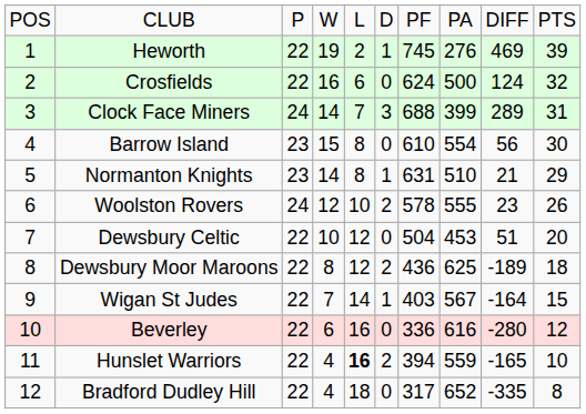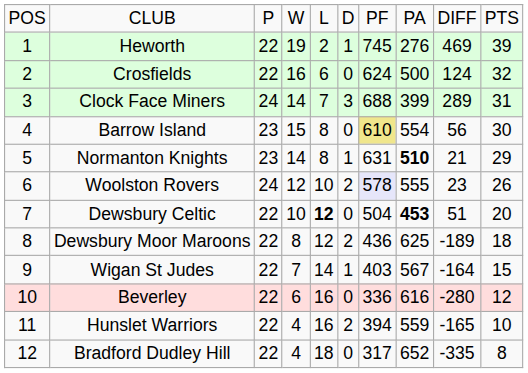 <table class="wikitable" style="text-align: center;">
 <tr>
 <td>POS</td>
 <td>CLUB</td>
 <td>P</td>
 <td>W</td>
 <td>L</td>
 <td>D</td>
 <td>PF</td>
 <td>PA</td>
 <td>DIFF</td>
 <td>PTS</td>
 </tr>
 <tr style="background:#ddffdd;">
 <td>1</td>
 <td>Heworth</td>
 <td>22</td>
 <td>19</td>
 <td>2</td>
 <td>1</td>
 <td>745</td>
 <td>276</td>
 <td>469</td>
 <td>39</td>
 </tr>
 <tr style="background:#ddffdd;">
 <td>2</td>
 <td>Crosfields</td>
 <td>22</td>
 <td>16</td>
 <td>6</td>
 <td>0</td>
 <td>624</td>
 <td>500</td>
 <td>124</td>
 <td>32</td>
 </tr>
 <tr style="background:#ddffdd;">
 <td>3</td>
 <td>Clock Face Miners</td>
 <td>24</td>
 <td>14</td>
 <td>7</td>
 <td>3</td>
 <td>688</td>
 <td>399</td>
 <td>289</td>
 <td>31</td>
 </tr>
 <tr>
 <td>4</td>
 <td>Barrow Island</td>
 <td>23</td>
 <td>15</td>
 <td>8</td>
 <td>0</td>
-<td>610</td>
+<td style="background: khaki;">610</td>
 <td>554</td>
 <td>56</td>
 <td>30</td>
 </tr>
 <tr>
 <td>5</td>
 <td>Normanton Knights</td>
 <td>23</td>
 <td>14</td>
 <td>8</td>
 <td>1</td>
 <td>631</td>
-<td>510</td>
+<td><strong>510</strong></td>
 <td>21</td>
 <td>29</td>
 </tr>
 <tr>
 <td>6</td>
 <td>Woolston Rovers</td>
 <td>24</td>
 <td>12</td>
 <td>10</td>
 <td>2</td>
-<td>578</td>
+<td style="background: lavender;">578</td>
 <td>555</td>
 <td>23</td>
 <td>26</td>
 </tr>
 <tr>
 <td>7</td>
 <td>Dewsbury Celtic</td>
 <td>22</td>
 <td>10</td>
-<td>12</td>
+<td><strong>12</strong></td>
 <td>0</td>
 <td>504</td>
-<td>453</td>
+<td><strong>453</strong></td>
 <td>51</td>
 <td>20</td>
 </tr>
 <tr>
 <td>8</td>
 <td>Dewsbury Moor Maroons</td>
 <td>22</td>
 <td>8</td>
 <td>12</td>
 <td>2</td>
 <td>436</td>
 <td>625</td>
 <td>-189</td>
 <td>18</td>
 </tr>
 <tr>
 <td>9</td>
 <td>Wigan St Judes</td>
 <td>22</td>
 <td>7</td>
 <td>14</td>
 <td>1</td>
 <td>403</td>
 <td>567</td>
 <td>-164</td>
 <td>15</td>
 </tr>
 <tr style="background:#ffdddd;">
 <td>10</td>
 <td>Beverley</td>
 <td>22</td>
 <td>6</td>
 <td>16</td>
 <td>0</td>
 <td>336</td>
 <td>616</td>
 <td>-280</td>
 <td>12</td>
 </tr>
 <tr>
 <td>11</td>
 <td>Hunslet Warriors</td>
 <td>22</td>
 <td>4</td>
-<td><strong>16</strong></td>
+<td>16</td>
 <td>2</td>
 <td>394</td>
 <td>559</td>
 <td>-165</td>
 <td>10</td>
 </tr>
 <tr>
 <td>12</td>
 <td>Bradford Dudley Hill</td>
 <td>22</td>
 <td>4</td>
 <td>18</td>
 <td>0</td>
 <td>317</td>
 <td>652</td>
 <td>-335</td>
 <td>8</td>
 </tr>
 </table>
